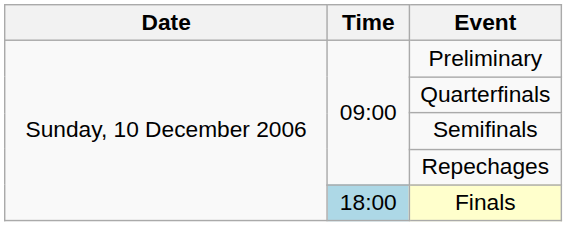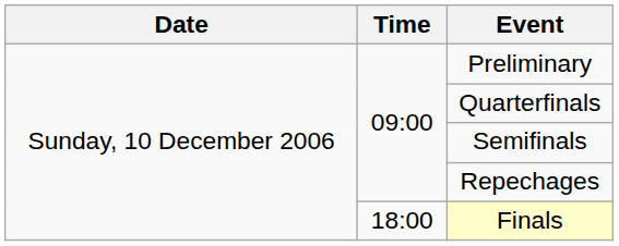 <table class = "wikitable" style="text-align:center;">
 <tr>
 <th width=220>Date</th>
 <th width=50>Time</th>
 <th width=100>Event</th>
 </tr>
 <tr>
 <td rowspan=5>Sunday, 10 December 2006</td>
 <td rowspan=4>09:00</td>
 <td>Preliminary</td>
 </tr>
 <tr>
 <td>Quarterfinals</td>
 </tr>
 <tr>
 <td>Semifinals</td>
 </tr>
 <tr>
 <td>Repechages</td>
 </tr>
 <tr>
-<td style="background: lightblue;">18:00</td>
+<td>18:00</td>
 <td bgcolor=ffffcc>Finals</td>
 </tr>
 </table>
